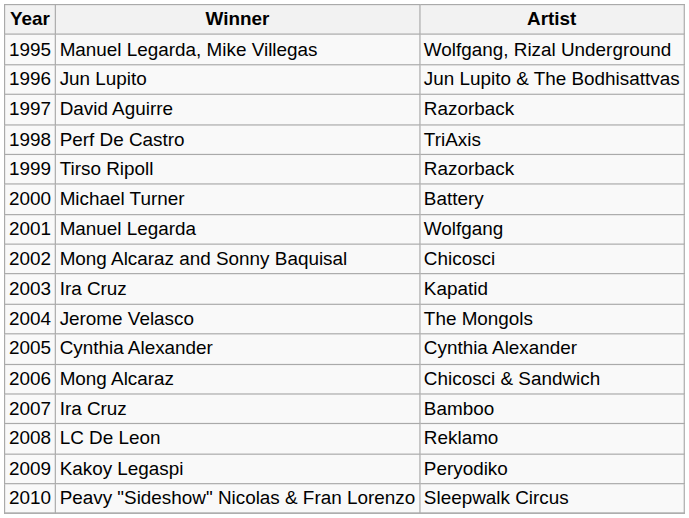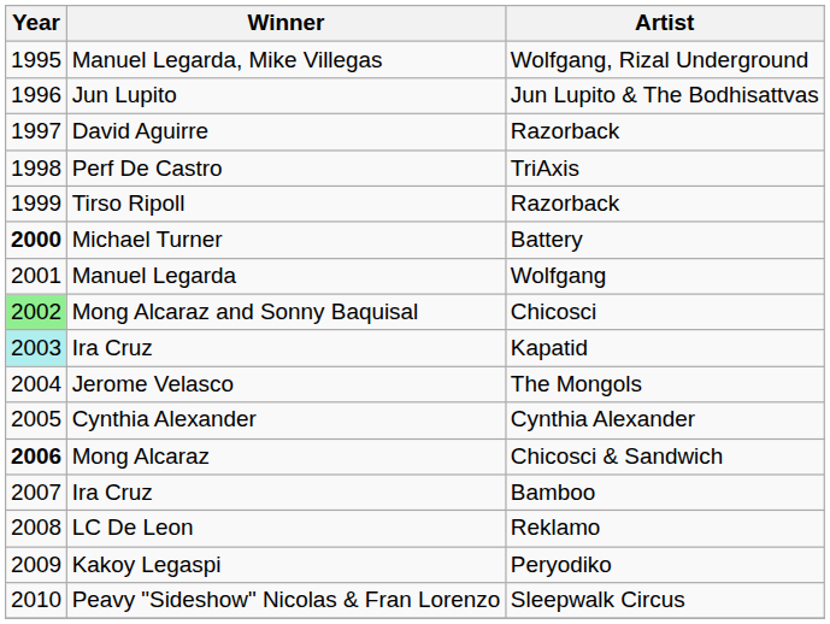 <table class="wikitable">
 <tr>
 <th>Year</th>
 <th>Winner</th>
 <th>Artist</th>
 </tr>
 <tr>
 <td>1995</td>
 <td>Manuel Legarda, Mike Villegas</td>
 <td>Wolfgang, Rizal Underground</td>
 </tr>
 <tr>
 <td>1996</td>
 <td>Jun Lupito</td>
 <td>Jun Lupito & The Bodhisattvas</td>
 </tr>
 <tr>
 <td>1997</td>
 <td>David Aguirre</td>
 <td>Razorback</td>
 </tr>
 <tr>
 <td>1998</td>
 <td>Perf De Castro</td>
 <td>TriAxis</td>
 </tr>
 <tr>
 <td>1999</td>
 <td>Tirso Ripoll</td>
 <td>Razorback</td>
 </tr>
 <tr>
-<td>2000</td>
+<td><strong>2000</strong></td>
 <td>Michael Turner</td>
 <td>Battery</td>
 </tr>
 <tr>
 <td>2001</td>
 <td>Manuel Legarda</td>
 <td>Wolfgang</td>
 </tr>
 <tr>
-<td>2002</td>
+<td style="background: lightgreen;">2002</td>
 <td>Mong Alcaraz and Sonny Baquisal</td>
 <td>Chicosci</td>
 </tr>
 <tr>
-<td>2003</td>
+<td style="background: paleturquoise;">2003</td>
 <td>Ira Cruz</td>
 <td>Kapatid</td>
 </tr>
 <tr>
 <td>2004</td>
 <td>Jerome Velasco</td>
 <td>The Mongols</td>
 </tr>
 <tr>
 <td>2005</td>
 <td>Cynthia Alexander</td>
 <td>Cynthia Alexander</td>
 </tr>
 <tr>
-<td>2006</td>
+<td><strong>2006</strong></td>
 <td>Mong Alcaraz</td>
 <td>Chicosci & Sandwich</td>
 </tr>
 <tr>
 <td>2007</td>
 <td>Ira Cruz</td>
 <td>Bamboo</td>
 </tr>
 <tr>
 <td>2008</td>
 <td>LC De Leon</td>
 <td>Reklamo</td>
 </tr>
 <tr>
 <td>2009</td>
 <td>Kakoy Legaspi</td>
 <td>Peryodiko</td>
 </tr>
 <tr>
 <td>2010</td>
 <td>Peavy "Sideshow" Nicolas & Fran Lorenzo</td>
 <td>Sleepwalk Circus</td>
 </tr>
 <tr>
 </tr>
 </table>
